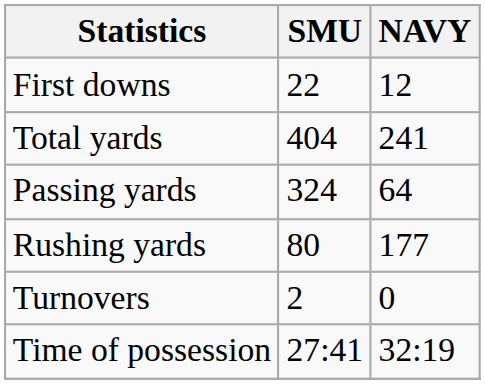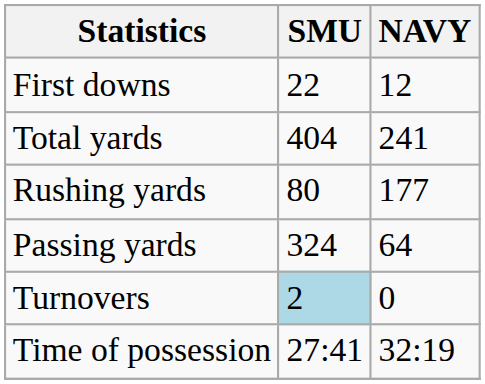 <table class="wikitable">
 <tr>
 <th>Statistics</th>
 <th>SMU</th>
 <th>NAVY</th>
 </tr>
 <tr>
 <td>First downs</td>
 <td>22</td>
 <td>12</td>
 </tr>
 <tr>
 <td>Total yards</td>
 <td>404</td>
 <td>241</td>
 </tr>
 <tr>
+<td>Rushing yards</td>
+<td>80</td>
+<td>177</td>
+</tr>
+<tr>
 <td>Passing yards</td>
 <td>324</td>
 <td>64</td>
 </tr>
 <tr>
-<td>Rushing yards</td>
-<td>80</td>
-<td>177</td>
-</tr>
-<tr>
 <td>Turnovers</td>
-<td>2</td>
+<td style="background: lightblue;">2</td>
 <td>0</td>
 </tr>
 <tr>
 <td>Time of possession</td>
 <td>27:41</td>
 <td>32:19</td>
 </tr>
 <tr>
 </tr>
 </table>
